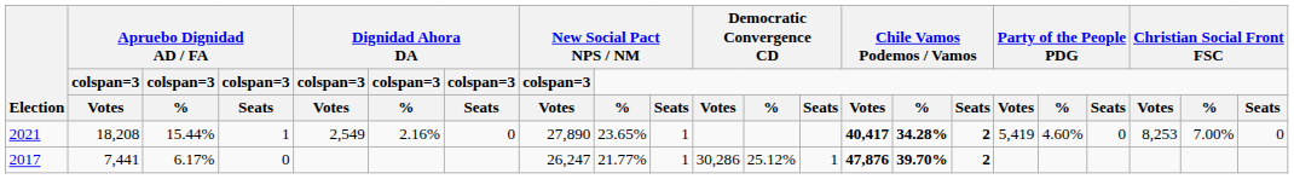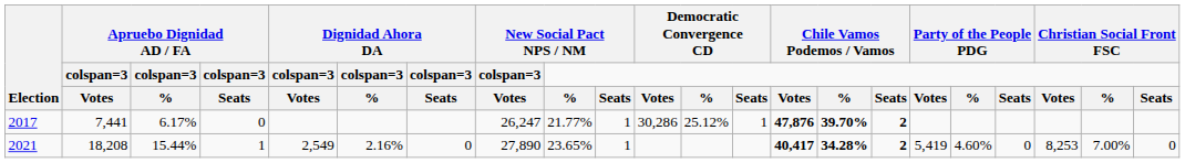 <table class="wikitable" border="1" style="font-size:95%; text-align:right;">
 <tr>
 <th style="text-align:left;" valign=bottom rowspan=3>Election</th>
 <th valign=bottom colspan=3><a href='#'>Apruebo Dignidad</a><br>AD / FA</th>
 <th valign=bottom colspan=3><a href='#'>Dignidad Ahora</a><br>DA</th>
 <th valign=bottom colspan=3><a href='#'>New Social Pact</a><br>NPS / NM</th>
 <th valign=bottom colspan=3>Democratic<br>Convergence<br>CD</th>
 <th valign=bottom colspan=3><a href='#'>Chile Vamos</a><br>Podemos / Vamos</th>
 <th valign=bottom colspan=3><a href='#'>Party of the People</a><br>PDG</th>
 <th valign=bottom colspan=3><a href='#'>Christian Social Front</a><br>FSC</th>
 </tr>
 <tr>
 <th>colspan=3 </th>
 <th>colspan=3 </th>
 <th>colspan=3 </th>
 <th>colspan=3 </th>
 <th>colspan=3 </th>
 <th>colspan=3 </th>
 <th>colspan=3 </th>
 </tr>
 <tr>
 <th>Votes</th>
 <th>%</th>
 <th>Seats</th>
 <th>Votes</th>
 <th>%</th>
 <th>Seats</th>
 <th>Votes</th>
 <th>%</th>
 <th>Seats</th>
 <th>Votes</th>
 <th>%</th>
 <th>Seats</th>
 <th>Votes</th>
 <th>%</th>
 <th>Seats</th>
 <th>Votes</th>
 <th>%</th>
 <th>Seats</th>
 <th>Votes</th>
 <th>%</th>
 <th>Seats</th>
 </tr>
 <tr>
+<td align=left><a href='#'>2017</a></td>
+<td>7,441</td>
+<td>6.17%</td>
+<td>0</td>
+<td></td>
+<td></td>
+<td></td>
+<td>26,247</td>
+<td>21.77%</td>
+<td>1</td>
+<td>30,286</td>
+<td>25.12%</td>
+<td>1</td>
+<td><strong>47,876</strong></td>
+<td><strong>39.70%</strong></td>
+<td><strong>2</strong></td>
+<td></td>
+<td></td>
+<td></td>
+<td></td>
+<td></td>
+<td></td>
+</tr>
+<tr>
 <td align=left><a href='#'>2021</a></td>
 <td>18,208</td>
 <td>15.44%</td>
 <td>1</td>
 <td>2,549</td>
 <td>2.16%</td>
 <td>0</td>
 <td>27,890</td>
 <td>23.65%</td>
 <td>1</td>
 <td></td>
 <td></td>
 <td></td>
 <td><strong>40,417</strong></td>
 <td><strong>34.28%</strong></td>
 <td><strong>2</strong></td>
 <td>5,419</td>
 <td>4.60%</td>
 <td>0</td>
 <td>8,253</td>
 <td>7.00%</td>
 <td>0</td>
 </tr>
-<tr>
-<td align=left><a href='#'>2017</a></td>
-<td>7,441</td>
-<td>6.17%</td>
-<td>0</td>
-<td></td>
-<td></td>
-<td></td>
-<td>26,247</td>
-<td>21.77%</td>
-<td>1</td>
-<td>30,286</td>
-<td>25.12%</td>
-<td>1</td>
-<td><strong>47,876</strong></td>
-<td><strong>39.70%</strong></td>
-<td><strong>2</strong></td>
-<td></td>
-<td></td>
-<td></td>
-<td></td>
-<td></td>
-<td></td>
-</tr>
 </table>
